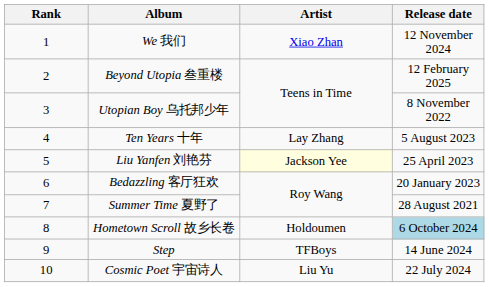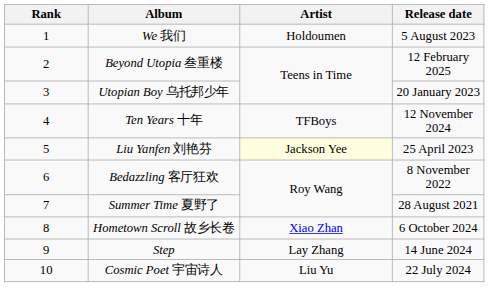 <table class="wikitable plainrowheaders" style="text-align:center">
 <tr>
 <th style="width:8em;">Rank</th>
 <th style="width:15em;">Album</th>
 <th style="width:15em;">Artist</th>
 <th style="width:8em;">Release date</th>
 </tr>
 <tr>
 <td>1</td>
 <td><em>We</em> 我们</td>
-<td><a href='#'>Xiao Zhan</a></td>
-<td>12 November 2024</td>
+<td>Holdoumen</td>
+<td>5 August 2023</td>
 </tr>
 <tr>
 <td>2</td>
 <td><em>Beyond Utopia</em> 叁重楼</td>
 <td rowspan="2">Teens in Time</td>
 <td>12 February 2025</td>
 </tr>
 <tr>
 <td>3</td>
 <td><em>Utopian Boy</em> 乌托邦少年</td>
-<td>8 November 2022</td>
+<td>20 January 2023</td>
 </tr>
 <tr>
 <td>4</td>
 <td><em>Ten Years</em> 十年</td>
-<td>Lay Zhang</td>
-<td>5 August 2023</td>
+<td>TFBoys</td>
+<td>12 November 2024</td>
 </tr>
 <tr>
 <td>5</td>
 <td><em>Liu Yanfen</em> 刘艳芬</td>
 <td style="background: lightyellow;">Jackson Yee</td>
 <td>25 April 2023</td>
 </tr>
 <tr>
 <td>6</td>
 <td><em>Bedazzling</em> 客厅狂欢</td>
 <td rowspan="2">Roy Wang</td>
-<td>20 January 2023</td>
+<td>8 November 2022</td>
 </tr>
 <tr>
 <td>7</td>
 <td><em>Summer Time</em> 夏野了</td>
 <td>28 August 2021</td>
 </tr>
 <tr>
 <td>8</td>
 <td><em>Hometown Scroll</em> 故乡长卷</td>
-<td>Holdoumen</td>
-<td style="background: lightblue;">6 October 2024</td>
+<td><a href='#'>Xiao Zhan</a></td>
+<td>6 October 2024</td>
 </tr>
 <tr>
 <td>9</td>
 <td><em>Step</em></td>
-<td>TFBoys</td>
+<td>Lay Zhang</td>
 <td>14 June 2024</td>
 </tr>
 <tr>
 <td>10</td>
 <td><em>Cosmic Poet</em> 宇宙诗人</td>
 <td>Liu Yu</td>
 <td>22 July 2024</td>
 </tr>
 </table>
